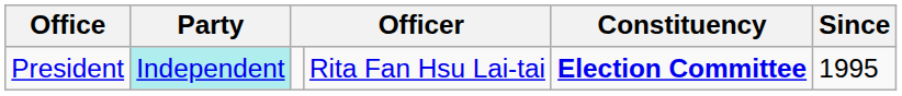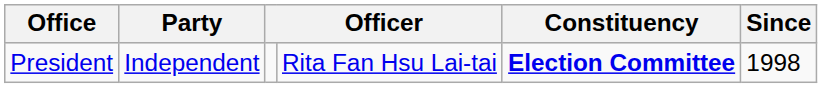 <table class=wikitable>
 <tr>
 <th>Office</th>
 <th>Party</th>
 <th colspan=2>Officer</th>
 <th>Constituency</th>
 <th>Since</th>
 </tr>
 <tr>
 <td><a href='#'>President</a></td>
-<td style="background: paleturquoise;"><a href='#'>Independent</a></td>
+<td><a href='#'>Independent</a></td>
 <td></td>
 <td><a href='#'>Rita Fan Hsu Lai-tai</a></td>
 <td><strong><a href='#'>Election Committee</a></strong></td>
-<td>1995</td>
+<td>1998</td>
 </tr>
 </table>
